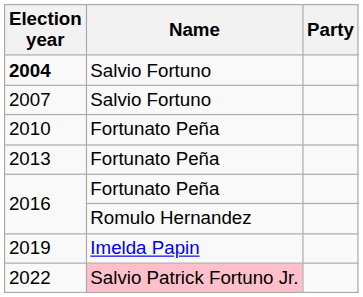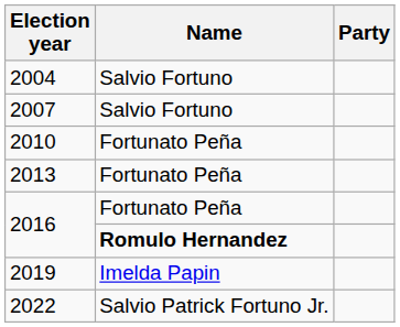 <table class="wikitable">
 <tr>
 <th>Election<br>year</th>
 <th>Name</th>
 <th colspan=2>Party</th>
 </tr>
 <tr>
-<td><strong>2004</strong></td>
+<td>2004</td>
 <td>Salvio Fortuno</td>
 <td colspan=2></td>
 </tr>
 <tr>
 <td>2007</td>
 <td>Salvio Fortuno</td>
 <td colspan="2"></td>
 </tr>
 <tr>
 <td>2010</td>
 <td>Fortunato Peña</td>
 <td></td>
 </tr>
 <tr>
 <td>2013</td>
 <td>Fortunato Peña</td>
 <td></td>
 </tr>
 <tr>
 <td rowspan=2>2016</td>
 <td>Fortunato Peña</td>
 <td></td>
 </tr>
 <tr>
-<td>Romulo Hernandez</td>
+<td><strong>Romulo Hernandez</strong></td>
 <td></td>
 </tr>
 <tr>
 <td>2019</td>
 <td><a href='#'>Imelda Papin</a></td>
 <td></td>
 </tr>
 <tr>
 <td>2022</td>
-<td style="background: pink;">Salvio Patrick Fortuno Jr.</td>
+<td>Salvio Patrick Fortuno Jr.</td>
 <td></td>
 </tr>
 </table>
